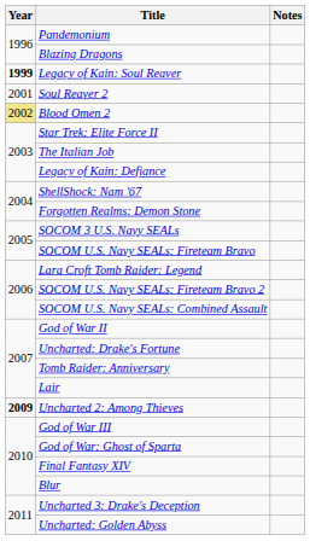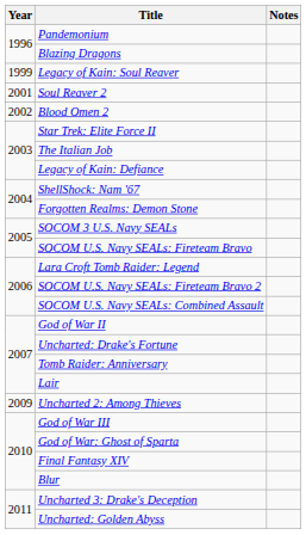 <table class = "wikitable sortable">
 <tr>
 <th>Year</th>
 <th>Title</th>
 <th>Notes</th>
 </tr>
 <tr>
 <td rowspan="2">1996</td>
 <td><em><a href='#'>Pandemonium</a></em></td>
 <td></td>
 </tr>
 <tr>
 <td><em><a href='#'>Blazing Dragons</a></em></td>
 <td></td>
 </tr>
 <tr>
-<td><strong>1999</strong></td>
+<td>1999</td>
 <td><em><a href='#'>Legacy of Kain: Soul Reaver</a></em></td>
 <td></td>
 </tr>
 <tr>
 <td>2001</td>
 <td><em><a href='#'>Soul Reaver 2</a></em></td>
 <td></td>
 </tr>
 <tr>
-<td style="background: khaki;">2002</td>
+<td>2002</td>
 <td><em><a href='#'>Blood Omen 2</a></em></td>
 <td></td>
 </tr>
 <tr>
 <td rowspan="3">2003</td>
 <td><em><a href='#'>Star Trek: Elite Force II</a></em></td>
 <td></td>
 </tr>
 <tr>
 <td><em><a href='#'>The Italian Job</a></em></td>
 <td></td>
 </tr>
 <tr>
 <td><em><a href='#'>Legacy of Kain: Defiance</a></em></td>
 <td></td>
 </tr>
 <tr>
 <td rowspan="2">2004</td>
 <td><em><a href='#'>ShellShock: Nam '67</a></em></td>
 <td></td>
 </tr>
 <tr>
 <td><em><a href='#'>Forgotten Realms: Demon Stone</a></em></td>
 <td></td>
 </tr>
 <tr>
 <td rowspan="2">2005</td>
 <td><em><a href='#'>SOCOM 3 U.S. Navy SEALs</a></em></td>
 <td></td>
 </tr>
 <tr>
 <td><em><a href='#'>SOCOM U.S. Navy SEALs: Fireteam Bravo</a></em></td>
 <td></td>
 </tr>
 <tr>
 <td rowspan="3">2006</td>
 <td><em><a href='#'>Lara Croft Tomb Raider: Legend</a></em></td>
 <td></td>
 </tr>
 <tr>
 <td><em><a href='#'>SOCOM U.S. Navy SEALs: Fireteam Bravo 2</a></em></td>
 <td></td>
 </tr>
 <tr>
 <td><em><a href='#'>SOCOM U.S. Navy SEALs: Combined Assault</a></em></td>
 <td></td>
 </tr>
 <tr>
 <td rowspan="4">2007</td>
 <td><em><a href='#'>God of War II</a></em></td>
 <td></td>
 </tr>
 <tr>
 <td><em><a href='#'>Uncharted: Drake's Fortune</a></em></td>
 <td></td>
 </tr>
 <tr>
 <td><em><a href='#'>Tomb Raider: Anniversary</a></em></td>
 <td></td>
 </tr>
 <tr>
 <td><em><a href='#'>Lair</a></em></td>
 <td></td>
 </tr>
 <tr>
-<td><strong>2009</strong></td>
+<td>2009</td>
 <td><em><a href='#'>Uncharted 2: Among Thieves</a></em></td>
 <td></td>
 </tr>
 <tr>
 <td rowspan="4">2010</td>
 <td><em><a href='#'>God of War III</a></em></td>
 <td></td>
 </tr>
 <tr>
 <td><em><a href='#'>God of War: Ghost of Sparta</a></em></td>
 <td></td>
 </tr>
 <tr>
 <td><em><a href='#'>Final Fantasy XIV</a></em></td>
 <td></td>
 </tr>
 <tr>
 <td><em><a href='#'>Blur</a></em></td>
 <td></td>
 </tr>
 <tr>
 <td rowspan="2">2011</td>
 <td><em><a href='#'>Uncharted 3: Drake's Deception</a></em></td>
 <td></td>
 </tr>
 <tr>
 <td><em><a href='#'>Uncharted: Golden Abyss</a></em></td>
 <td></td>
 </tr>
 </table>
